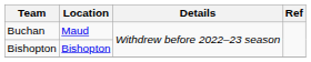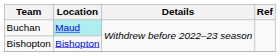 <table class="wikitable sortable">
 <tr>
 <th>Team</th>
 <th>Location</th>
 <th>Details</th>
 <th>Ref</th>
 </tr>
 <tr>
 <td>Buchan</td>
-<td><a href='#'>Maud</a></td>
+<td style="background: paleturquoise;"><a href='#'>Maud</a></td>
 <td rowspan=2><em>Withdrew before 2022–23 season</em></td>
 <td rowspan=2></td>
 </tr>
 <tr>
 <td>Bishopton</td>
 <td><a href='#'>Bishopton</a></td>
 </tr>
 <tr>
 </tr>
 </table>
